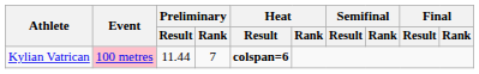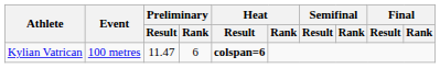 <table class="wikitable" style="font-size:90%">
 <tr>
 <th rowspan="2">Athlete</th>
 <th rowspan="2">Event</th>
 <th colspan="2">Preliminary</th>
 <th colspan="2">Heat</th>
 <th colspan="2">Semifinal</th>
 <th colspan="2">Final</th>
 </tr>
 <tr style="font-size:95%">
 <th>Result</th>
 <th>Rank</th>
 <th>Result</th>
 <th>Rank</th>
 <th>Result</th>
 <th>Rank</th>
 <th>Result</th>
 <th>Rank</th>
 </tr>
 <tr align=center>
 <td align=left><a href='#'>Kylian Vatrican</a></td>
-<td align=left style="background: pink;"><a href='#'>100 metres</a></td>
-<td>11.44 </td>
-<td>7</td>
+<td align=left><a href='#'>100 metres</a></td>
+<td>11.47 </td>
+<td>6</td>
 <td><strong>colspan=6 </strong></td>
 </tr>
 </table>
